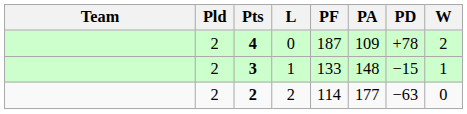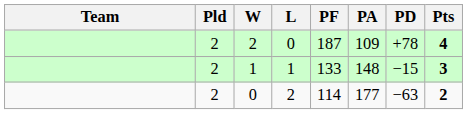 <table class=wikitable style="text-align:center">
 <tr>
 <th width=180>Team</th>
 <th width=30>Pld</th>
-<th width=30>Pts</th>
+<th width=30>W</th>
 <th width=30>L</th>
 <th width=30>PF</th>
 <th width=30>PA</th>
 <th width=30>PD</th>
-<th width=30>W</th>
+<th width=30>Pts</th>
 </tr>
 <tr align=center bgcolor="#ccffcc">
 <td align=left></td>
 <td>2</td>
-<td><strong>4</strong></td>
+<td>2</td>
 <td>0</td>
 <td>187</td>
 <td>109</td>
 <td>+78</td>
-<td>2</td>
+<td><strong>4</strong></td>
 </tr>
 <tr align=center bgcolor="#ccffcc">
 <td align=left></td>
 <td>2</td>
-<td><strong>3</strong></td>
+<td>1</td>
 <td>1</td>
 <td>133</td>
 <td>148</td>
 <td>−15</td>
-<td>1</td>
+<td><strong>3</strong></td>
 </tr>
 <tr align=center>
 <td align=left></td>
 <td>2</td>
-<td><strong>2</strong></td>
+<td>0</td>
 <td>2</td>
 <td>114</td>
 <td>177</td>
 <td>−63</td>
-<td>0</td>
+<td><strong>2</strong></td>
 </tr>
 </table>
